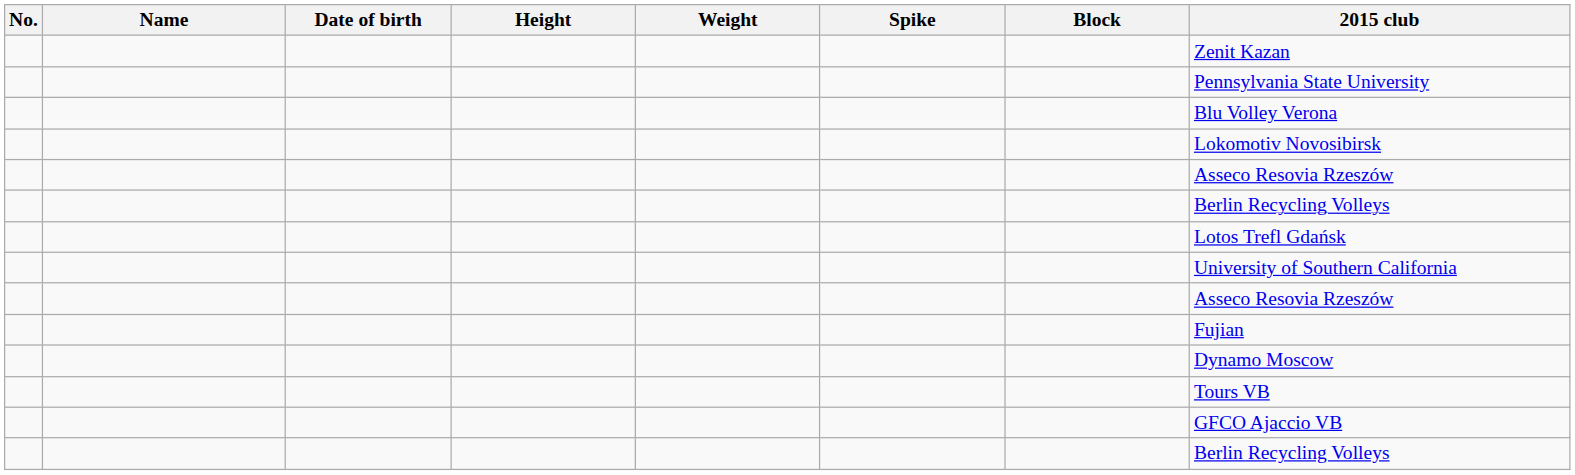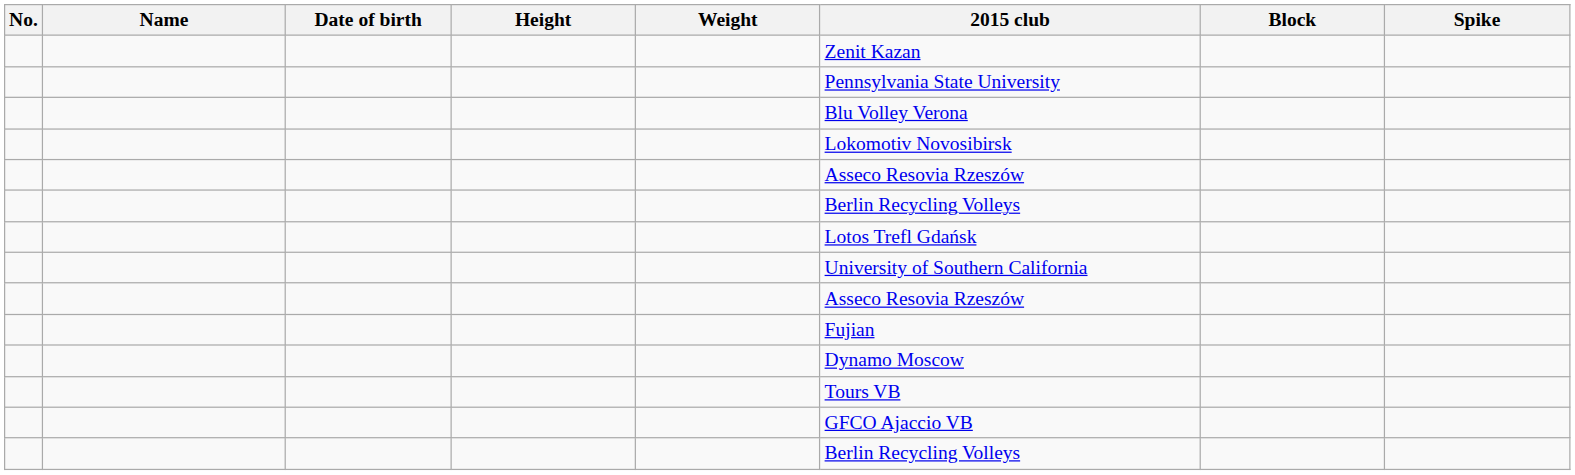 <table class="wikitable sortable" style="font-size:100%; text-align:center;">
 <tr>
 <th>No.</th>
 <th style="width:12em">Name</th>
 <th style="width:8em">Date of birth</th>
 <th style="width:9em">Height</th>
 <th style="width:9em">Weight</th>
+<th style="width:19em">2015 club</th>
+<th style="width:9em">Block</th>
 <th style="width:9em">Spike</th>
-<th style="width:9em">Block</th>
-<th style="width:19em">2015 club</th>
 </tr>
 <tr>
 <td></td>
 <td align=left></td>
 <td align=right></td>
 <td></td>
 <td></td>
+<td align=left> <a href='#'>Zenit Kazan</a></td>
 <td></td>
 <td></td>
-<td align=left> <a href='#'>Zenit Kazan</a></td>
 </tr>
 <tr>
 <td></td>
 <td align=left></td>
 <td align=right></td>
 <td></td>
 <td></td>
+<td align=left> <a href='#'>Pennsylvania State University</a></td>
 <td></td>
 <td></td>
-<td align=left> <a href='#'>Pennsylvania State University</a></td>
 </tr>
 <tr>
 <td></td>
 <td align=left></td>
 <td align=right></td>
 <td></td>
 <td></td>
+<td align=left> <a href='#'>Blu Volley Verona</a></td>
 <td></td>
 <td></td>
-<td align=left> <a href='#'>Blu Volley Verona</a></td>
 </tr>
 <tr>
 <td></td>
 <td align=left></td>
 <td align=right></td>
 <td></td>
 <td></td>
+<td align=left> <a href='#'>Lokomotiv Novosibirsk</a></td>
 <td></td>
 <td></td>
-<td align=left> <a href='#'>Lokomotiv Novosibirsk</a></td>
 </tr>
 <tr>
 <td></td>
 <td align=left></td>
 <td align=right></td>
 <td></td>
 <td></td>
+<td align=left> <a href='#'>Asseco Resovia Rzeszów</a></td>
 <td></td>
 <td></td>
-<td align=left> <a href='#'>Asseco Resovia Rzeszów</a></td>
 </tr>
 <tr>
 <td></td>
 <td align=left></td>
 <td align=right></td>
 <td></td>
 <td></td>
+<td align=left> <a href='#'>Berlin Recycling Volleys</a></td>
 <td></td>
 <td></td>
-<td align=left> <a href='#'>Berlin Recycling Volleys</a></td>
 </tr>
 <tr>
 <td></td>
 <td align=left></td>
 <td align=right></td>
 <td></td>
 <td></td>
+<td align=left> <a href='#'>Lotos Trefl Gdańsk</a></td>
 <td></td>
 <td></td>
-<td align=left> <a href='#'>Lotos Trefl Gdańsk</a></td>
 </tr>
 <tr>
 <td></td>
 <td align=left></td>
 <td align=right></td>
 <td></td>
 <td></td>
+<td align=left> <a href='#'>University of Southern California</a></td>
 <td></td>
 <td></td>
-<td align=left> <a href='#'>University of Southern California</a></td>
 </tr>
 <tr>
 <td></td>
 <td align=left></td>
 <td align=right></td>
 <td></td>
 <td></td>
+<td align=left> <a href='#'>Asseco Resovia Rzeszów</a></td>
 <td></td>
 <td></td>
-<td align=left> <a href='#'>Asseco Resovia Rzeszów</a></td>
 </tr>
 <tr>
 <td></td>
 <td align=left></td>
 <td align=right></td>
 <td></td>
 <td></td>
+<td align=left> <a href='#'>Fujian</a></td>
 <td></td>
 <td></td>
-<td align=left> <a href='#'>Fujian</a></td>
 </tr>
 <tr>
 <td></td>
 <td align=left></td>
 <td align=right></td>
 <td></td>
 <td></td>
+<td align=left> <a href='#'>Dynamo Moscow</a></td>
 <td></td>
 <td></td>
-<td align=left> <a href='#'>Dynamo Moscow</a></td>
 </tr>
 <tr>
 <td></td>
 <td align=left></td>
 <td align=right></td>
 <td></td>
 <td></td>
+<td align=left> <a href='#'>Tours VB</a></td>
 <td></td>
 <td></td>
-<td align=left> <a href='#'>Tours VB</a></td>
 </tr>
 <tr>
 <td></td>
 <td align=left></td>
 <td align=right></td>
 <td></td>
 <td></td>
+<td align=left> <a href='#'>GFCO Ajaccio VB</a></td>
 <td></td>
 <td></td>
-<td align=left> <a href='#'>GFCO Ajaccio VB</a></td>
 </tr>
 <tr>
 <td></td>
 <td align=left></td>
 <td align=right></td>
 <td></td>
 <td></td>
+<td align=left> <a href='#'>Berlin Recycling Volleys</a></td>
 <td></td>
 <td></td>
-<td align=left> <a href='#'>Berlin Recycling Volleys</a></td>
 </tr>
 </table>
